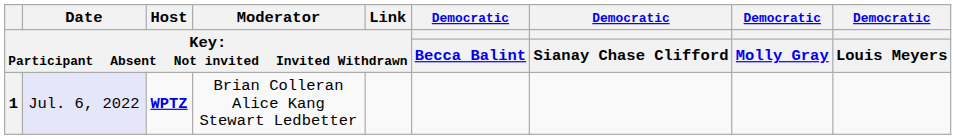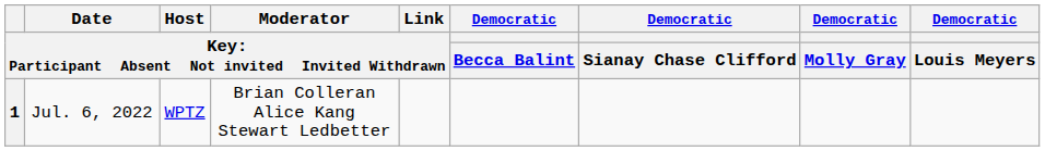 <table class="wikitable" style="text-align:center;">
 <tr>
 <th scope="col"></th>
 <th scope="col">Date</th>
 <th scope="col">Host</th>
 <th scope="col">Moderator</th>
 <th scope="col">Link</th>
 <th scope="col"><small><a href='#'>Democratic</a></small></th>
 <th scope="col"><small><a href='#'>Democratic</a></small></th>
 <th scope="col"><small><a href='#'>Democratic</a></small></th>
 <th scope="col"><small><a href='#'>Democratic</a></small></th>
 </tr>
 <tr>
 <th colspan="5" rowspan="2">Key:<br> <small>Participant </small>  <small>Absent </small>  <small>Not invited </small>  <small>Invited  Withdrawn</small></th>
 <th scope="col" style="background:"></th>
 <th scope="col" style="background:"></th>
 <th scope="col" style="background:"></th>
 <th scope="col" style="background:"></th>
 </tr>
 <tr>
 <th scope="col"><a href='#'>Becca Balint</a></th>
 <th scope="col">Sianay Chase Clifford</th>
 <th scope="col"><a href='#'>Molly Gray</a></th>
 <th scope="col">Louis Meyers</th>
 </tr>
 <tr>
 <th>1</th>
-<td style="background: lavender; white-space:nowrap;">Jul. 6, 2022</td>
-<td style="white-space:nowrap;"><strong><a href='#'>WPTZ</a></strong></td>
+<td style="white-space:nowrap;">Jul. 6, 2022</td>
+<td style="white-space:nowrap;"><a href='#'>WPTZ</a></td>
 <td style="white-space:nowrap;">Brian Colleran<br>Alice Kang<br>Stewart Ledbetter</td>
 <td style="white-space:nowrap;"></td>
 <td></td>
 <td></td>
 <td></td>
 <td></td>
 </tr>
 </table>
